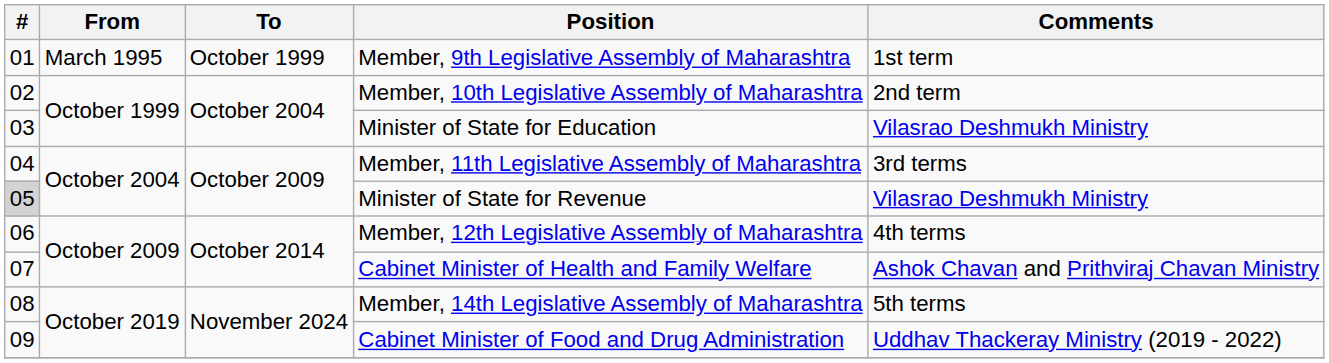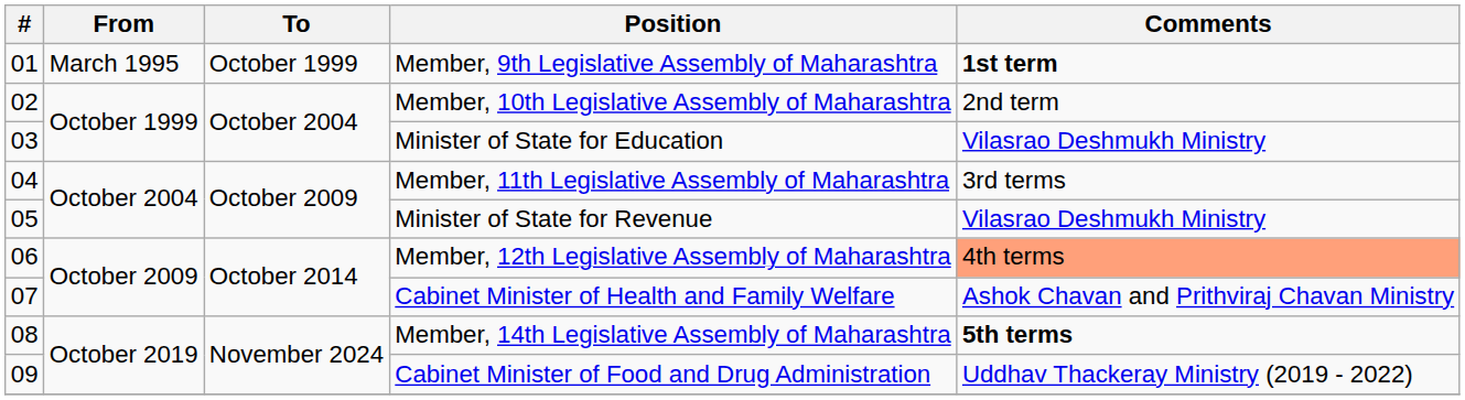 <table class="wikitable sortable">
 <tr>
 <th>#</th>
 <th>From</th>
 <th>To</th>
 <th>Position</th>
 <th>Comments</th>
 </tr>
 <tr>
 <td>01</td>
 <td>March 1995</td>
 <td>October 1999</td>
 <td>Member, <a href='#'>9th Legislative Assembly of Maharashtra</a></td>
-<td>1st term</td>
+<td><strong>1st term</strong></td>
 </tr>
 <tr>
 <td>02</td>
 <td rowspan=2>October 1999</td>
 <td rowspan=2>October 2004</td>
 <td>Member, <a href='#'>10th Legislative Assembly of Maharashtra</a></td>
 <td>2nd term</td>
 </tr>
 <tr>
 <td>03</td>
 <td>Minister of State for Education</td>
 <td><a href='#'>Vilasrao Deshmukh Ministry</a></td>
 </tr>
 <tr>
 <td>04</td>
 <td rowspan=2>October 2004</td>
 <td rowspan=2>October 2009</td>
 <td>Member, <a href='#'>11th Legislative Assembly of Maharashtra</a></td>
 <td>3rd terms</td>
 </tr>
 <tr>
-<td style="background: lightgrey;">05</td>
+<td>05</td>
 <td>Minister of State for Revenue</td>
 <td><a href='#'>Vilasrao Deshmukh Ministry</a></td>
 </tr>
 <tr>
 <td>06</td>
 <td rowspan=2>October 2009</td>
 <td rowspan=2>October 2014</td>
 <td>Member, <a href='#'>12th Legislative Assembly of Maharashtra</a></td>
-<td>4th terms</td>
+<td style="background: lightsalmon;">4th terms</td>
 </tr>
 <tr>
 <td>07</td>
 <td><a href='#'>Cabinet Minister of Health and Family Welfare</a></td>
 <td><a href='#'>Ashok Chavan</a> and <a href='#'>Prithviraj Chavan Ministry</a></td>
 </tr>
 <tr>
 <td>08</td>
 <td rowspan=2>October 2019</td>
 <td rowspan=2>November 2024</td>
 <td>Member, <a href='#'>14th Legislative Assembly of Maharashtra</a></td>
-<td>5th terms</td>
+<td><strong>5th terms</strong></td>
 </tr>
 <tr>
 <td>09</td>
 <td><a href='#'>Cabinet Minister of Food and Drug Administration</a></td>
 <td><a href='#'>Uddhav Thackeray Ministry</a> (2019 - 2022)</td>
 </tr>
 <tr>
 </tr>
 </table>
